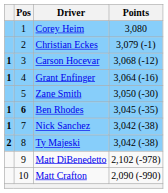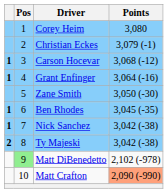 <table class="wikitable" style="font-size: 95%;">
 <tr>
 <th></th>
 <th>Pos</th>
 <th>Driver</th>
 <th>Points</th>
 </tr>
 <tr style="background:#87CEFA;">
 <td align="left"></td>
 <td style="text-align:center;">1</td>
 <td><a href='#'>Corey Heim</a></td>
 <td style="text-align:center;">3,080</td>
 </tr>
 <tr style="background:#87CEFA;">
 <td align="left"></td>
 <td style="text-align:center;">2</td>
 <td><a href='#'>Christian Eckes</a></td>
 <td style="text-align:center;">3,079 (-1)</td>
 </tr>
 <tr style="background:#87CEFA;">
 <td align="left"> <strong>1</strong></td>
 <td style="text-align:center;">3</td>
 <td><a href='#'>Carson Hocevar</a></td>
 <td style="text-align:center;">3,068 (-12)</td>
 </tr>
 <tr style="background:#87CEFA;">
 <td align="left"> <strong>1</strong></td>
 <td style="text-align:center;">4</td>
 <td><a href='#'>Grant Enfinger</a></td>
 <td style="text-align:center;">3,064 (-16)</td>
 </tr>
 <tr style="background:#87CEFA;">
 <td align="left"></td>
 <td style="text-align:center;">5</td>
 <td><a href='#'>Zane Smith</a></td>
 <td style="text-align:center;">3,050 (-30)</td>
 </tr>
 <tr style="background:#87CEFA;">
 <td align="left"> <strong>1</strong></td>
-<td style="text-align:center;"><strong>6</strong></td>
+<td style="text-align:center;">6</td>
 <td><a href='#'>Ben Rhodes</a></td>
 <td style="text-align:center;">3,045 (-35)</td>
 </tr>
 <tr style="background:#87CEFA;">
 <td align="left"> <strong>1</strong></td>
 <td style="text-align:center;">7</td>
 <td><a href='#'>Nick Sanchez</a></td>
 <td style="text-align:center;">3,042 (-38)</td>
 </tr>
 <tr style="background:#87CEFA;">
 <td align="left"> <strong>2</strong></td>
 <td style="text-align:center;">8</td>
 <td><a href='#'>Ty Majeski</a></td>
 <td style="text-align:center;">3,042 (-38)</td>
 </tr>
 <tr>
 <td align="left"></td>
-<td style="text-align:center;">9</td>
+<td style="background: lightgreen; text-align:center;">9</td>
 <td><a href='#'>Matt DiBenedetto</a></td>
 <td style="text-align:center;">2,102 (-978)</td>
 </tr>
 <tr>
 <td align="left"></td>
 <td style="text-align:center;">10</td>
 <td><a href='#'>Matt Crafton</a></td>
-<td style="text-align:center;">2,090 (-990)</td>
+<td style="background: lightsalmon; text-align:center;">2,090 (-990)</td>
 </tr>
 <tr class="sortbottom">
 <th colspan="9"></th>
 </tr>
 </table>
